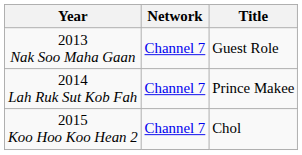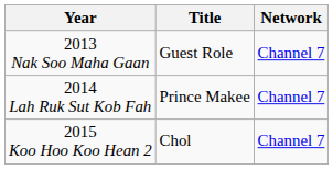 <table class="wikitable">
 <tr>
 <th>Year</th>
+<th>Title</th>
 <th>Network</th>
-<th>Title</th>
 </tr>
 <tr>
 <td style="text-align:center;">2013<br><em>Nak Soo Maha Gaan</em></td>
+<td>Guest Role</td>
 <td style="text align:center;"><a href='#'>Channel 7</a></td>
-<td>Guest Role</td>
 </tr>
 <tr>
 <td style="text-align:center;">2014<br><em>Lah Ruk Sut Kob Fah</em></td>
+<td>Prince Makee</td>
 <td style="text-align:center;"><a href='#'>Channel 7</a></td>
-<td>Prince Makee</td>
 </tr>
 <tr>
 <td style="text-align:center;">2015<br><em>Koo Hoo Koo Hean 2</em></td>
+<td>Chol</td>
 <td style="text-align:center;"><a href='#'>Channel 7</a></td>
-<td>Chol</td>
 </tr>
 </table>
